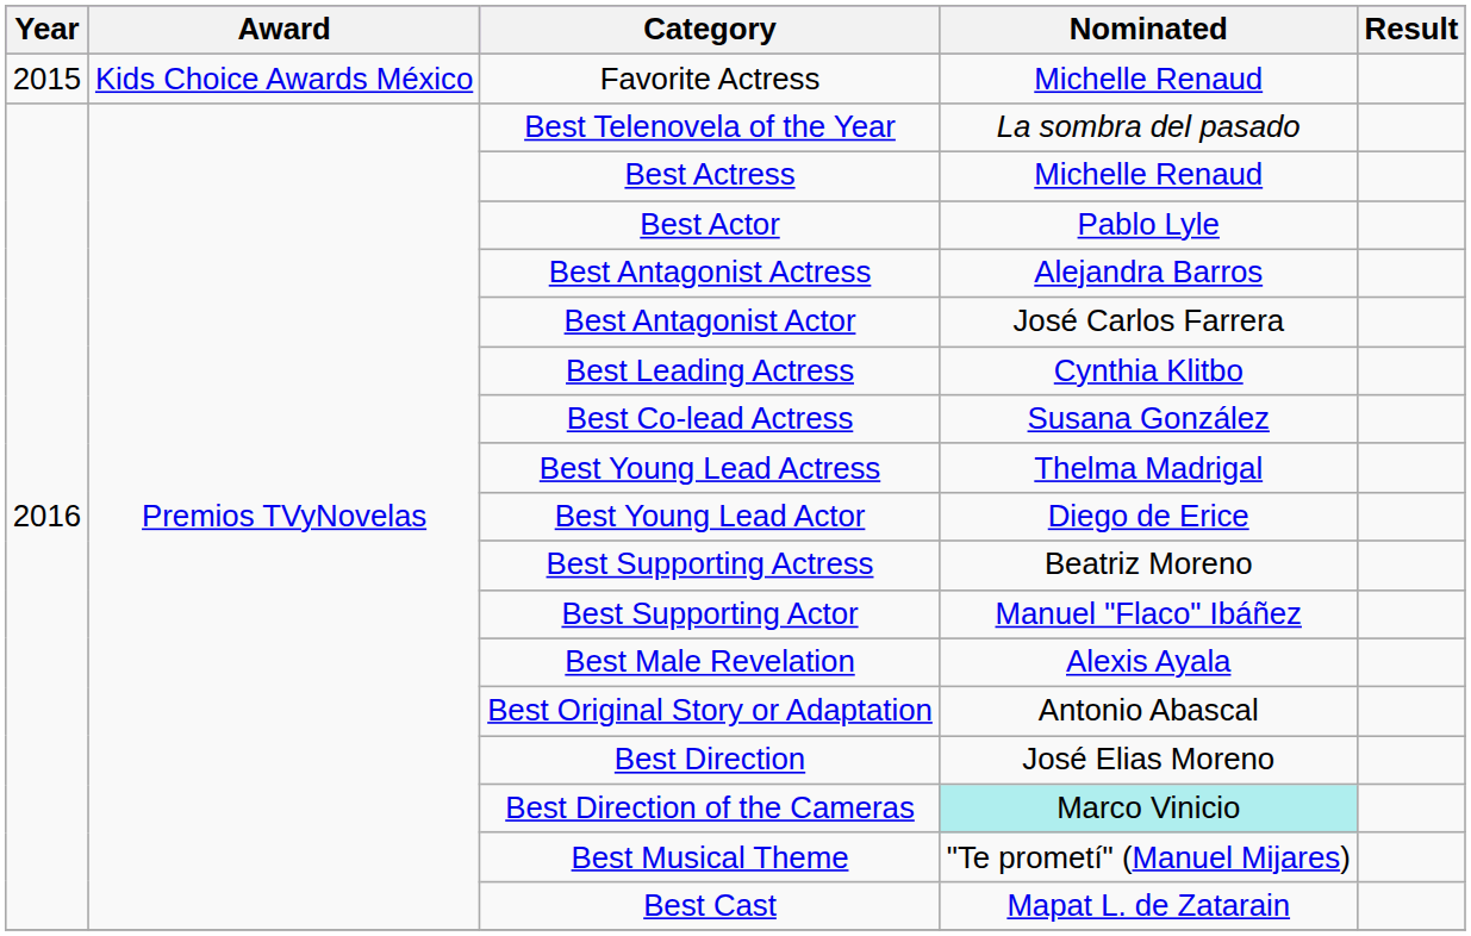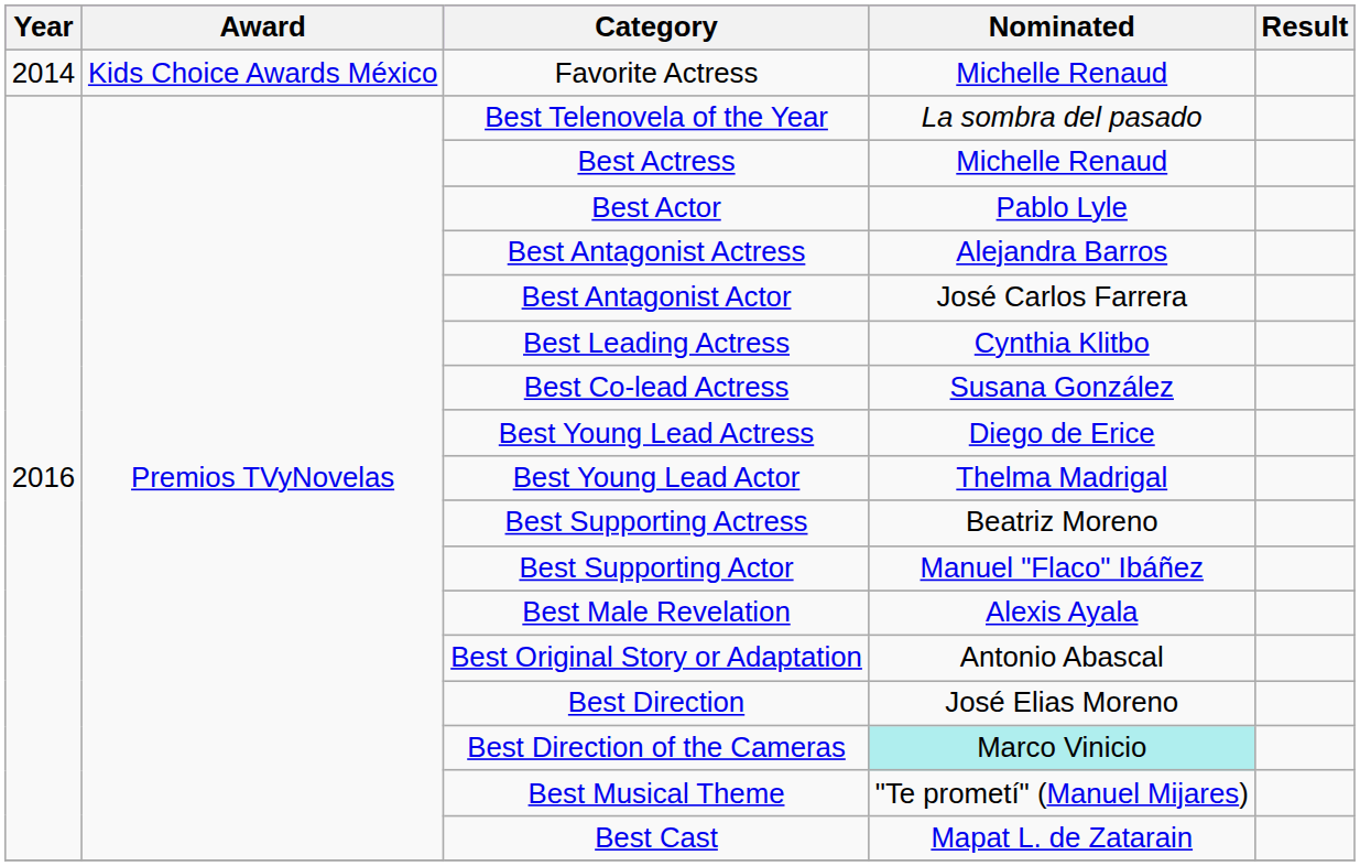 <table class="wikitable plainrowheaders" style="text-align:center;">
 <tr style="background:#96c;">
 <th scope="col">Year</th>
 <th scope="col">Award</th>
 <th scope="col">Category</th>
 <th scope="col">Nominated</th>
 <th scope="col">Result</th>
 </tr>
 <tr>
-<td>2015</td>
+<td>2014</td>
 <td><a href='#'>Kids Choice Awards México</a></td>
 <td scope="row">Favorite Actress</td>
 <td rowspan="1"><a href='#'>Michelle Renaud</a></td>
 <td></td>
 </tr>
 <tr>
 <td scope="row" rowspan="17">2016</td>
 <td rowspan="17"><a href='#'>Premios TVyNovelas</a></td>
 <td><a href='#'>Best Telenovela of the Year</a></td>
 <td><em>La sombra del pasado</em></td>
 <td></td>
 </tr>
 <tr>
 <td><a href='#'>Best Actress</a></td>
 <td><a href='#'>Michelle Renaud</a></td>
 <td></td>
 </tr>
 <tr>
 <td><a href='#'>Best Actor</a></td>
 <td><a href='#'>Pablo Lyle</a></td>
 <td></td>
 </tr>
 <tr>
 <td><a href='#'>Best Antagonist Actress</a></td>
 <td><a href='#'>Alejandra Barros</a></td>
 <td></td>
 </tr>
 <tr>
 <td><a href='#'>Best Antagonist Actor</a></td>
 <td>José Carlos Farrera</td>
 <td></td>
 </tr>
 <tr>
 <td><a href='#'>Best Leading Actress</a></td>
 <td><a href='#'>Cynthia Klitbo</a></td>
 <td></td>
 </tr>
 <tr>
 <td><a href='#'>Best Co-lead Actress</a></td>
 <td><a href='#'>Susana González</a></td>
 <td></td>
 </tr>
 <tr>
 <td><a href='#'>Best Young Lead Actress</a></td>
-<td><a href='#'>Thelma Madrigal</a></td>
+<td><a href='#'>Diego de Erice</a></td>
 <td></td>
 </tr>
 <tr>
 <td><a href='#'>Best Young Lead Actor</a></td>
-<td><a href='#'>Diego de Erice</a></td>
+<td><a href='#'>Thelma Madrigal</a></td>
 <td></td>
 </tr>
 <tr>
 <td><a href='#'>Best Supporting Actress</a></td>
 <td>Beatriz Moreno</td>
 <td></td>
 </tr>
 <tr>
 <td><a href='#'>Best Supporting Actor</a></td>
 <td><a href='#'>Manuel "Flaco" Ibáñez</a></td>
 <td></td>
 </tr>
 <tr>
 <td><a href='#'>Best Male Revelation</a></td>
 <td><a href='#'>Alexis Ayala</a></td>
 <td></td>
 </tr>
 <tr>
 <td><a href='#'>Best Original Story or Adaptation</a></td>
 <td>Antonio Abascal</td>
 <td></td>
 </tr>
 <tr>
 <td><a href='#'>Best Direction</a></td>
 <td>José Elias Moreno</td>
 <td></td>
 </tr>
 <tr>
 <td><a href='#'>Best Direction of the Cameras</a></td>
 <td style="background: paleturquoise;">Marco Vinicio</td>
 <td></td>
 </tr>
 <tr>
 <td><a href='#'>Best Musical Theme</a></td>
 <td>"Te prometí" (<a href='#'>Manuel Mijares</a>)</td>
 <td></td>
 </tr>
 <tr>
 <td><a href='#'>Best Cast</a></td>
 <td><a href='#'>Mapat L. de Zatarain</a></td>
 <td></td>
 </tr>
 <tr>
 </tr>
 </table>
